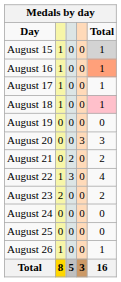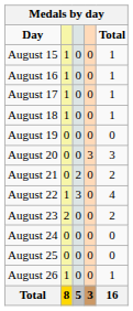 <table class="wikitable" style="font-size:85%; float:right">
 <tr align=center>
 <th colspan=7><strong>Medals by day</strong></th>
 </tr>
 <tr align=center>
 <td><strong>Day</strong></td>
 <td style="background:#f7f6a8;"></td>
 <td style="background:#dce5e5;"></td>
 <td style="background:#ffdab9;"></td>
 <td><strong>Total</strong></td>
 </tr>
 <tr align=center>
 <td>August 15</td>
 <td style="background:#f7f6a8;">1</td>
 <td style="background:#dce5e5;">0</td>
 <td style="background:#ffdab9;">0</td>
-<td style="background: lightgrey;">1</td>
+<td>1</td>
 </tr>
 <tr align=center>
 <td>August 16</td>
 <td style="background:#f7f6a8;">1</td>
 <td style="background:#dce5e5;">0</td>
 <td style="background:#ffdab9;">0</td>
-<td style="background: lightsalmon;">1</td>
+<td>1</td>
 </tr>
 <tr align=center>
 <td>August 17</td>
 <td style="background:#f7f6a8;">1</td>
 <td style="background:#dce5e5;">0</td>
 <td style="background:#ffdab9;">0</td>
 <td>1</td>
 </tr>
 <tr align=center>
 <td>August 18</td>
 <td style="background:#f7f6a8;">1</td>
 <td style="background:#dce5e5;">0</td>
 <td style="background:#ffdab9;">0</td>
-<td style="background: pink;">1</td>
+<td>1</td>
 </tr>
 <tr align=center>
 <td>August 19</td>
 <td style="background:#f7f6a8;">0</td>
 <td style="background:#dce5e5;">0</td>
 <td style="background:#ffdab9;">0</td>
 <td>0</td>
 </tr>
 <tr align=center>
 <td>August 20</td>
 <td style="background:#f7f6a8;">0</td>
 <td style="background:#dce5e5;">0</td>
 <td style="background:#ffdab9;">3</td>
 <td>3</td>
 </tr>
 <tr align=center>
 <td>August 21</td>
 <td style="background:#f7f6a8;">0</td>
 <td style="background:#dce5e5;">2</td>
 <td style="background:#ffdab9;">0</td>
 <td>2</td>
 </tr>
 <tr align=center>
 <td>August 22</td>
 <td style="background:#f7f6a8;">1</td>
 <td style="background:#dce5e5;">3</td>
 <td style="background:#ffdab9;">0</td>
 <td>4</td>
 </tr>
 <tr align=center>
 <td>August 23</td>
 <td style="background:#f7f6a8;">2</td>
 <td style="background:#dce5e5;">0</td>
 <td style="background:#ffdab9;">0</td>
 <td>2</td>
 </tr>
 <tr align=center>
 <td>August 24</td>
 <td style="background:#f7f6a8;">0</td>
 <td style="background:#dce5e5;">0</td>
 <td style="background:#ffdab9;">0</td>
 <td>0</td>
 </tr>
 <tr align=center>
 <td>August 25</td>
 <td style="background:#f7f6a8;">0</td>
 <td style="background:#dce5e5;">0</td>
 <td style="background:#ffdab9;">0</td>
 <td>0</td>
 </tr>
 <tr align=center>
 <td>August 26</td>
 <td style="background:#f7f6a8;">1</td>
 <td style="background:#dce5e5;">0</td>
 <td style="background:#ffdab9;">0</td>
 <td>1</td>
 </tr>
 <tr align=center>
 <th><strong>Total</strong></th>
 <th style="background:gold;"><strong>8</strong></th>
 <th style="background:silver;"><strong>5</strong></th>
 <th style="background:#c96;"><strong>3</strong></th>
 <th><strong>16</strong></th>
 </tr>
 </table>
